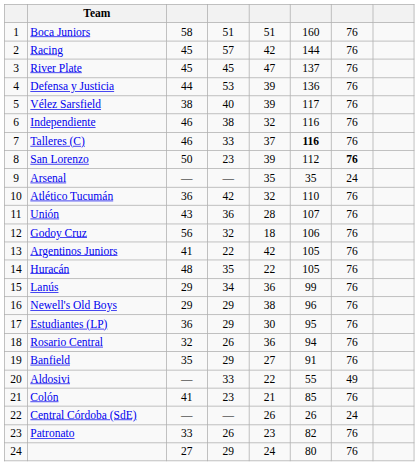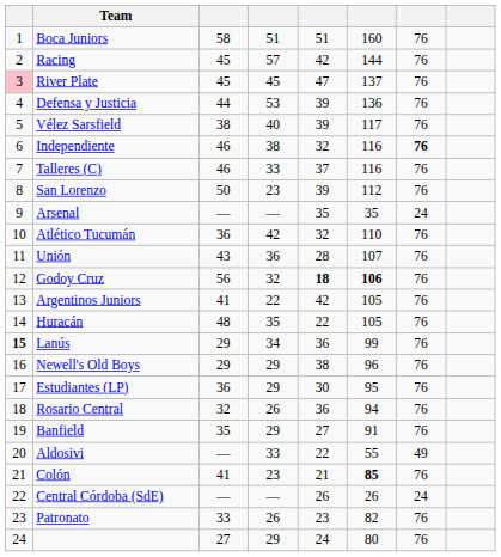 <table class="wikitable sortable" style="text-align: center;">
 <tr>
 <th width=25></th>
 <th width=185>Team</th>
 <th width=50></th>
 <th width=50></th>
 <th width=50></th>
 <th width=50></th>
 <th width=50></th>
 <th width=50></th>
 </tr>
 <tr>
 <td>1</td>
 <td align="left"><a href='#'>Boca Juniors</a></td>
 <td>58</td>
 <td>51</td>
 <td>51</td>
 <td>160</td>
 <td>76</td>
 <td><strong></strong></td>
 </tr>
 <tr>
 <td>2</td>
 <td align="left"><a href='#'>Racing</a></td>
 <td>45</td>
 <td>57</td>
 <td>42</td>
 <td>144</td>
 <td>76</td>
 <td><strong></strong></td>
 </tr>
 <tr>
-<td>3</td>
+<td style="background: pink;">3</td>
 <td align="left"><a href='#'>River Plate</a></td>
 <td>45</td>
 <td>45</td>
 <td>47</td>
 <td>137</td>
 <td>76</td>
 <td><strong></strong></td>
 </tr>
 <tr>
 <td>4</td>
 <td align="left"><a href='#'>Defensa y Justicia</a></td>
 <td>44</td>
 <td>53</td>
 <td>39</td>
 <td>136</td>
 <td>76</td>
 <td><strong></strong></td>
 </tr>
 <tr>
 <td>5</td>
 <td align="left"><a href='#'>Vélez Sarsfield</a></td>
 <td>38</td>
 <td>40</td>
 <td>39</td>
 <td>117</td>
 <td>76</td>
 <td><strong></strong></td>
 </tr>
 <tr>
 <td>6</td>
 <td align="left"><a href='#'>Independiente</a></td>
 <td>46</td>
 <td>38</td>
 <td>32</td>
 <td>116</td>
-<td>76</td>
+<td><strong>76</strong></td>
 <td><strong></strong></td>
 </tr>
 <tr>
 <td>7</td>
 <td align="left"><a href='#'>Talleres (C)</a></td>
 <td>46</td>
 <td>33</td>
 <td>37</td>
-<td><strong>116</strong></td>
+<td>116</td>
 <td>76</td>
 <td><strong></strong></td>
 </tr>
 <tr>
 <td>8</td>
 <td align="left"><a href='#'>San Lorenzo</a></td>
 <td>50</td>
 <td>23</td>
 <td>39</td>
 <td>112</td>
-<td><strong>76</strong></td>
+<td>76</td>
 <td><strong></strong></td>
 </tr>
 <tr>
 <td>9</td>
 <td align="left"><a href='#'>Arsenal</a></td>
 <td>—</td>
 <td>—</td>
 <td>35</td>
 <td>35</td>
 <td>24</td>
 <td><strong></strong></td>
 </tr>
 <tr>
 <td>10</td>
 <td align="left"><a href='#'>Atlético Tucumán</a></td>
 <td>36</td>
 <td>42</td>
 <td>32</td>
 <td>110</td>
 <td>76</td>
 <td><strong></strong></td>
 </tr>
 <tr>
 <td>11</td>
 <td align="left"><a href='#'>Unión</a></td>
 <td>43</td>
 <td>36</td>
 <td>28</td>
 <td>107</td>
 <td>76</td>
 <td><strong></strong></td>
 </tr>
 <tr>
 <td>12</td>
 <td align="left"><a href='#'>Godoy Cruz</a></td>
 <td>56</td>
 <td>32</td>
-<td>18</td>
-<td>106</td>
+<td><strong>18</strong></td>
+<td><strong>106</strong></td>
 <td>76</td>
 <td><strong></strong></td>
 </tr>
 <tr>
 <td>13</td>
 <td align="left"><a href='#'>Argentinos Juniors</a></td>
 <td>41</td>
 <td>22</td>
 <td>42</td>
 <td>105</td>
 <td>76</td>
 <td><strong></strong></td>
 </tr>
 <tr>
 <td>14</td>
 <td align="left"><a href='#'>Huracán</a></td>
 <td>48</td>
 <td>35</td>
 <td>22</td>
 <td>105</td>
 <td>76</td>
 <td><strong></strong></td>
 </tr>
 <tr>
-<td>15</td>
+<td><strong>15</strong></td>
 <td align="left"><a href='#'>Lanús</a></td>
 <td>29</td>
 <td>34</td>
 <td>36</td>
 <td>99</td>
 <td>76</td>
 <td><strong></strong></td>
 </tr>
 <tr>
 <td>16</td>
 <td align="left"><a href='#'>Newell's Old Boys</a></td>
 <td>29</td>
 <td>29</td>
 <td>38</td>
 <td>96</td>
 <td>76</td>
 <td><strong></strong></td>
 </tr>
 <tr>
 <td>17</td>
 <td align="left"><a href='#'>Estudiantes (LP)</a></td>
 <td>36</td>
 <td>29</td>
 <td>30</td>
 <td>95</td>
 <td>76</td>
 <td><strong></strong></td>
 </tr>
 <tr>
 <td>18</td>
 <td align="left"><a href='#'>Rosario Central</a></td>
 <td>32</td>
 <td>26</td>
 <td>36</td>
 <td>94</td>
 <td>76</td>
 <td><strong></strong></td>
 </tr>
 <tr>
 <td>19</td>
 <td align="left"><a href='#'>Banfield</a></td>
 <td>35</td>
 <td>29</td>
 <td>27</td>
 <td>91</td>
 <td>76</td>
 <td><strong></strong></td>
 </tr>
 <tr>
 <td>20</td>
 <td align="left"><a href='#'>Aldosivi</a></td>
 <td>—</td>
 <td>33</td>
 <td>22</td>
 <td>55</td>
 <td>49</td>
 <td><strong></strong></td>
 </tr>
 <tr>
 <td>21</td>
 <td align="left"><a href='#'>Colón</a></td>
 <td>41</td>
 <td>23</td>
 <td>21</td>
-<td>85</td>
+<td><strong>85</strong></td>
 <td>76</td>
 <td><strong></strong></td>
 </tr>
 <tr>
 <td>22</td>
 <td align="left"><a href='#'>Central Córdoba (SdE)</a></td>
 <td>—</td>
 <td>—</td>
 <td>26</td>
 <td>26</td>
 <td>24</td>
 <td><strong></strong></td>
 </tr>
 <tr>
 <td>23</td>
 <td align="left"><a href='#'>Patronato</a></td>
 <td>33</td>
 <td>26</td>
 <td>23</td>
 <td>82</td>
 <td>76</td>
 <td><strong></strong></td>
 </tr>
 <tr>
 <td>24</td>
 <td align="left"></td>
 <td>27</td>
 <td>29</td>
 <td>24</td>
 <td>80</td>
 <td>76</td>
 <td><strong></strong></td>
 </tr>
 </table>
